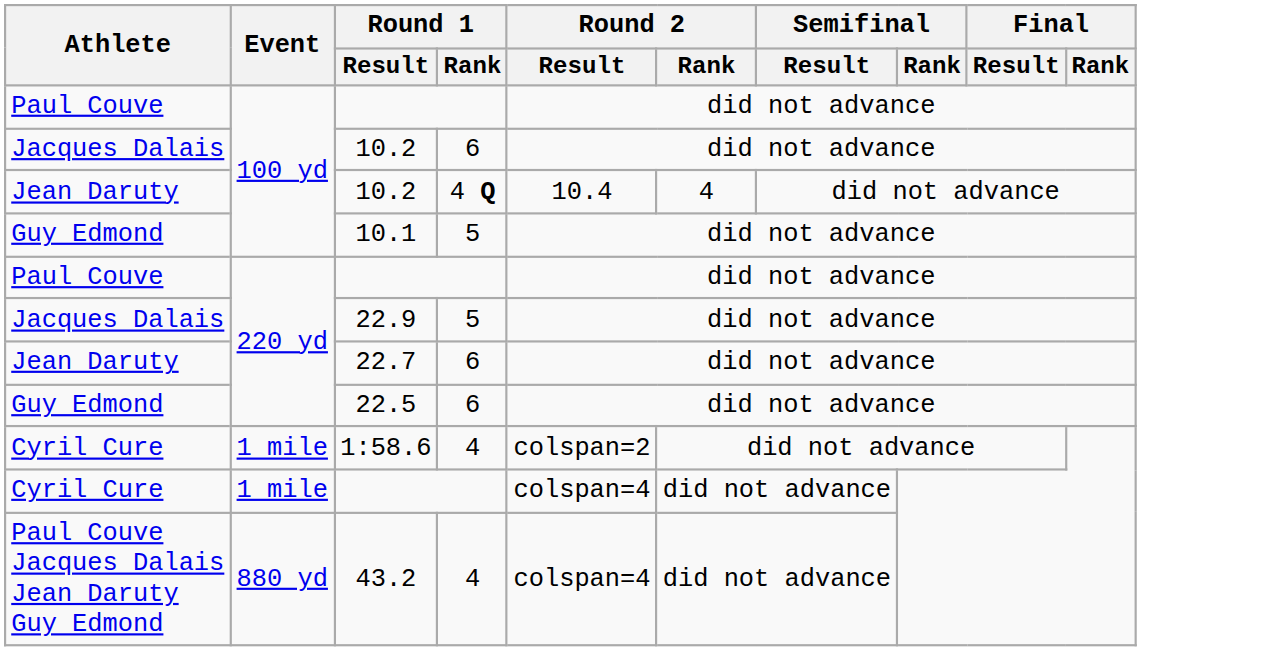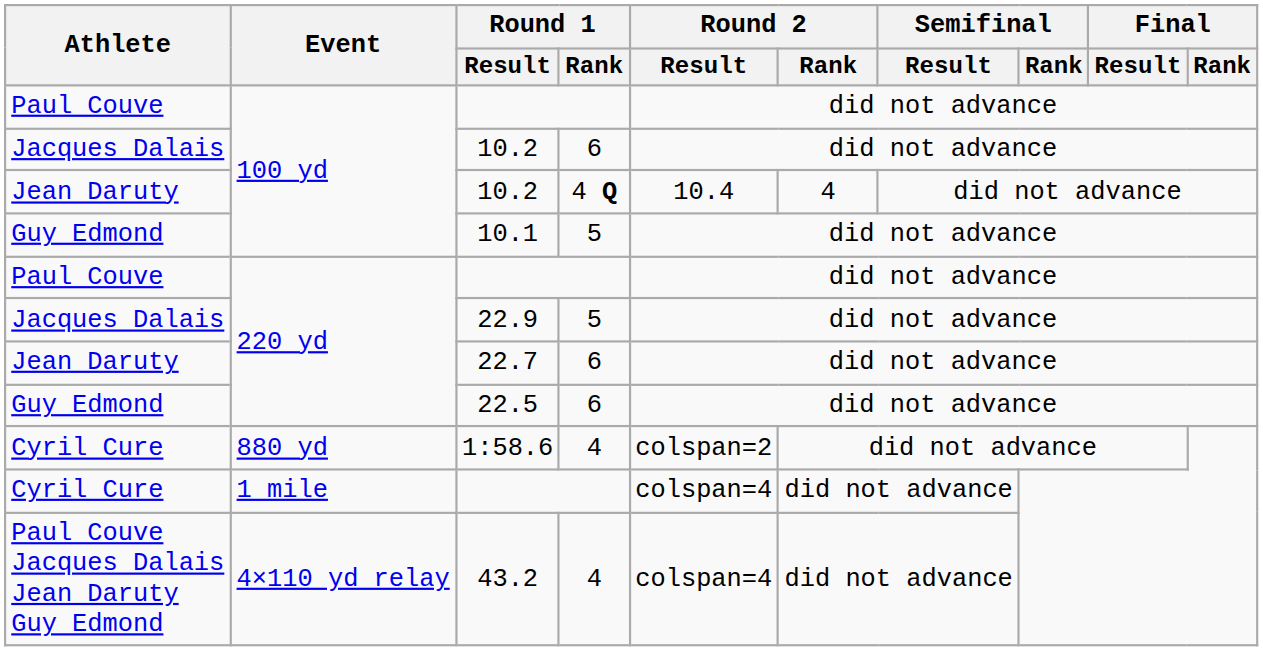 <table class=wikitable style=font-size:90%>
 <tr>
 <th rowspan=2>Athlete</th>
 <th rowspan=2>Event</th>
 <th colspan=2>Round 1</th>
 <th colspan=2>Round 2</th>
 <th colspan=2>Semifinal</th>
 <th colspan=2>Final</th>
 </tr>
 <tr style=font-size:95%>
 <th>Result</th>
 <th>Rank</th>
 <th>Result</th>
 <th>Rank</th>
 <th>Result</th>
 <th>Rank</th>
 <th>Result</th>
 <th>Rank</th>
 </tr>
 <tr align=center>
 <td align=left><a href='#'>Paul Couve</a></td>
 <td align=left rowspan=4><a href='#'>100 yd</a></td>
 <td colspan=2></td>
 <td colspan=6>did not advance</td>
 </tr>
 <tr align=center>
 <td align=left><a href='#'>Jacques Dalais</a></td>
 <td>10.2</td>
 <td>6</td>
 <td colspan=6>did not advance</td>
 </tr>
 <tr align=center>
 <td align=left><a href='#'>Jean Daruty</a></td>
 <td>10.2</td>
 <td>4 <strong>Q</strong></td>
 <td>10.4</td>
 <td>4</td>
 <td colspan=4>did not advance</td>
 </tr>
 <tr align=center>
 <td align=left><a href='#'>Guy Edmond</a></td>
 <td>10.1</td>
 <td>5</td>
 <td colspan=6>did not advance</td>
 </tr>
 <tr align=center>
 <td align=left><a href='#'>Paul Couve</a></td>
 <td align=left rowspan=4><a href='#'>220 yd</a></td>
 <td colspan=2></td>
 <td colspan=6>did not advance</td>
 </tr>
 <tr align=center>
 <td align=left><a href='#'>Jacques Dalais</a></td>
 <td>22.9</td>
 <td>5</td>
 <td colspan=6>did not advance</td>
 </tr>
 <tr align=center>
 <td align=left><a href='#'>Jean Daruty</a></td>
 <td>22.7</td>
 <td>6</td>
 <td colspan=6>did not advance</td>
 </tr>
 <tr align=center>
 <td align=left><a href='#'>Guy Edmond</a></td>
 <td>22.5</td>
 <td>6</td>
 <td colspan=6>did not advance</td>
 </tr>
 <tr align=center>
 <td align=left><a href='#'>Cyril Cure</a></td>
-<td align=left><a href='#'>1 mile</a></td>
+<td align=left><a href='#'>880 yd</a></td>
 <td>1:58.6</td>
 <td>4</td>
 <td>colspan=2 </td>
 <td colspan=4>did not advance</td>
 </tr>
 <tr align=center>
 <td align=left><a href='#'>Cyril Cure</a></td>
 <td align=left><a href='#'>1 mile</a></td>
 <td colspan=2></td>
 <td>colspan=4 </td>
 <td colspan=2>did not advance</td>
 </tr>
 <tr align=center>
 <td align=left><a href='#'>Paul Couve</a><br><a href='#'>Jacques Dalais</a><br><a href='#'>Jean Daruty</a><br><a href='#'>Guy Edmond</a></td>
-<td align=left><a href='#'>880 yd</a></td>
+<td align=left><a href='#'>4×110 yd relay</a></td>
 <td>43.2</td>
 <td>4</td>
 <td>colspan=4 </td>
 <td colspan=2>did not advance</td>
 </tr>
 </table>
